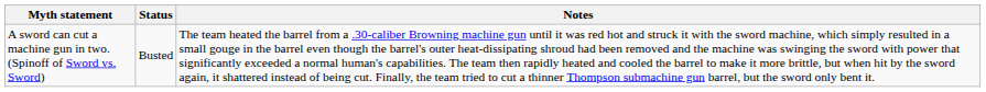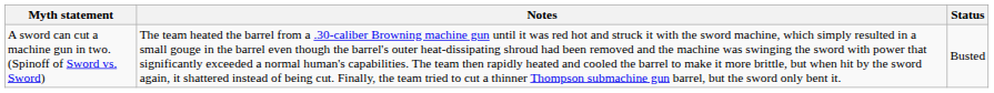 <table class="wikitable plainrowheaders">
 <tr>
 <th>Myth statement</th>
+<th>Notes</th>
 <th>Status</th>
-<th>Notes</th>
 </tr>
 <tr>
 <td>A sword can cut a machine gun in two. (Spinoff of <a href='#'>Sword vs. Sword</a>)</td>
+<td>The team heated the barrel from a <a href='#'>.30-caliber Browning machine gun</a> until it was red hot and struck it with the sword machine, which simply resulted in a small gouge in the barrel even though the barrel's outer heat-dissipating shroud had been removed and the machine was swinging the sword with power that significantly exceeded a normal human's capabilities. The team then rapidly heated and cooled the barrel to make it more brittle, but when hit by the sword again, it shattered instead of being cut. Finally, the team tried to cut a thinner <a href='#'>Thompson submachine gun</a> barrel, but the sword only bent it.</td>
 <td><span>Busted</span></td>
-<td>The team heated the barrel from a <a href='#'>.30-caliber Browning machine gun</a> until it was red hot and struck it with the sword machine, which simply resulted in a small gouge in the barrel even though the barrel's outer heat-dissipating shroud had been removed and the machine was swinging the sword with power that significantly exceeded a normal human's capabilities. The team then rapidly heated and cooled the barrel to make it more brittle, but when hit by the sword again, it shattered instead of being cut. Finally, the team tried to cut a thinner <a href='#'>Thompson submachine gun</a> barrel, but the sword only bent it.</td>
 </tr>
 </table>
